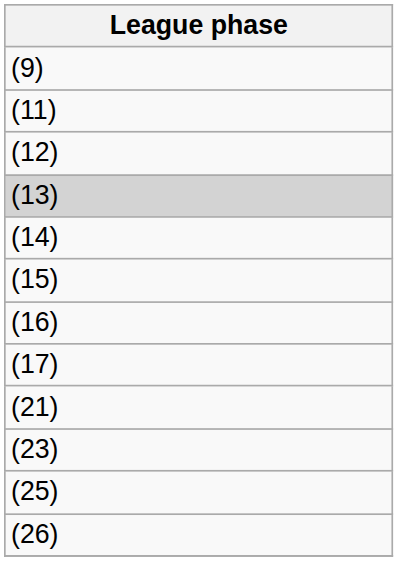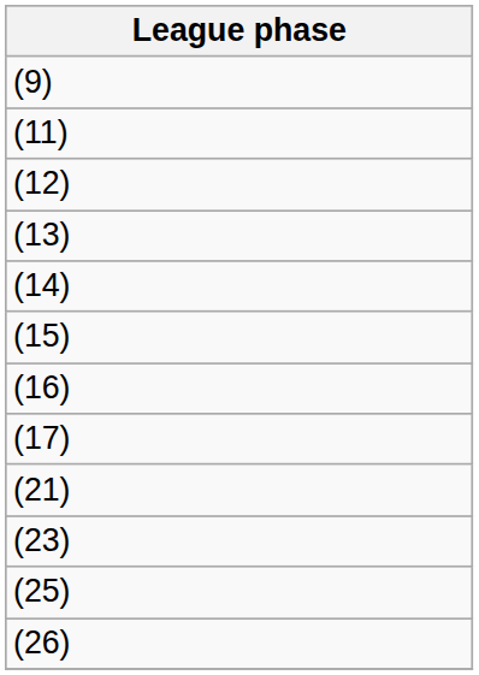 <table class="wikitable">
 <tr>
 <th width=225>League phase</th>
 </tr>
 <tr>
 <td> (9)</td>
 </tr>
 <tr>
 <td> (11)</td>
 </tr>
 <tr>
 <td> (12)</td>
 </tr>
 <tr>
-<td style="background: lightgrey;"> (13)</td>
+<td> (13)</td>
 </tr>
 <tr>
 <td> (14)</td>
 </tr>
 <tr>
 <td> (15)</td>
 </tr>
 <tr>
 <td> (16)</td>
 </tr>
 <tr>
 <td> (17)</td>
 </tr>
 <tr>
 <td> (21)</td>
 </tr>
 <tr>
 <td> (23)</td>
 </tr>
 <tr>
 <td> (25)</td>
 </tr>
 <tr>
 <td> (26)</td>
 </tr>
 <tr>
 </tr>
 </table>
